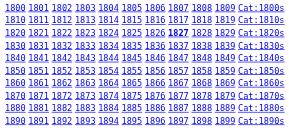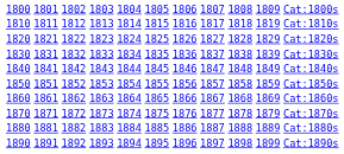 <table border=0>
 <tr>
 <td><a href='#'>1800</a></td>
 <td><a href='#'>1801</a></td>
 <td><a href='#'>1802</a></td>
 <td><a href='#'>1803</a></td>
 <td><a href='#'>1804</a></td>
 <td><a href='#'>1805</a></td>
 <td><a href='#'>1806</a></td>
 <td><a href='#'>1807</a></td>
 <td><a href='#'>1808</a></td>
 <td><a href='#'>1809</a></td>
 <td><a href='#'>Cat:1800s</a></td>
 </tr>
 <tr>
 <td><a href='#'>1810</a></td>
 <td><a href='#'>1811</a></td>
 <td><a href='#'>1812</a></td>
 <td><a href='#'>1813</a></td>
 <td><a href='#'>1814</a></td>
 <td><a href='#'>1815</a></td>
 <td><a href='#'>1816</a></td>
 <td><a href='#'>1817</a></td>
 <td><a href='#'>1818</a></td>
 <td><a href='#'>1819</a></td>
 <td><a href='#'>Cat:1810s</a></td>
 </tr>
 <tr>
 <td><a href='#'>1820</a></td>
 <td><a href='#'>1821</a></td>
 <td><a href='#'>1822</a></td>
 <td><a href='#'>1823</a></td>
 <td><a href='#'>1824</a></td>
 <td><a href='#'>1825</a></td>
 <td><a href='#'>1826</a></td>
-<td><strong><a href='#'>1827</a></strong></td>
+<td><a href='#'>1827</a></td>
 <td><a href='#'>1828</a></td>
 <td><a href='#'>1829</a></td>
 <td><a href='#'>Cat:1820s</a></td>
 </tr>
 <tr>
 <td><a href='#'>1830</a></td>
 <td><a href='#'>1831</a></td>
 <td><a href='#'>1832</a></td>
 <td><a href='#'>1833</a></td>
 <td><a href='#'>1834</a></td>
 <td><a href='#'>1835</a></td>
 <td><a href='#'>1836</a></td>
 <td><a href='#'>1837</a></td>
 <td><a href='#'>1838</a></td>
 <td><a href='#'>1839</a></td>
 <td><a href='#'>Cat:1830s</a></td>
 </tr>
 <tr>
 <td><a href='#'>1840</a></td>
 <td><a href='#'>1841</a></td>
 <td><a href='#'>1842</a></td>
 <td><a href='#'>1843</a></td>
 <td><a href='#'>1844</a></td>
 <td><a href='#'>1845</a></td>
 <td><a href='#'>1846</a></td>
 <td><a href='#'>1847</a></td>
 <td><a href='#'>1848</a></td>
 <td><a href='#'>1849</a></td>
 <td><a href='#'>Cat:1840s</a></td>
 </tr>
 <tr>
 <td><a href='#'>1850</a></td>
 <td><a href='#'>1851</a></td>
 <td><a href='#'>1852</a></td>
 <td><a href='#'>1853</a></td>
 <td><a href='#'>1854</a></td>
 <td><a href='#'>1855</a></td>
 <td><a href='#'>1856</a></td>
 <td><a href='#'>1857</a></td>
 <td><a href='#'>1858</a></td>
 <td><a href='#'>1859</a></td>
 <td><a href='#'>Cat:1850s</a></td>
 </tr>
 <tr>
 <td><a href='#'>1860</a></td>
 <td><a href='#'>1861</a></td>
 <td><a href='#'>1862</a></td>
 <td><a href='#'>1863</a></td>
 <td><a href='#'>1864</a></td>
 <td><a href='#'>1865</a></td>
 <td><a href='#'>1866</a></td>
 <td><a href='#'>1867</a></td>
 <td><a href='#'>1868</a></td>
 <td><a href='#'>1869</a></td>
 <td><a href='#'>Cat:1860s</a></td>
 </tr>
 <tr>
 <td><a href='#'>1870</a></td>
 <td><a href='#'>1871</a></td>
 <td><a href='#'>1872</a></td>
 <td><a href='#'>1873</a></td>
 <td><a href='#'>1874</a></td>
 <td><a href='#'>1875</a></td>
 <td><a href='#'>1876</a></td>
 <td><a href='#'>1877</a></td>
 <td><a href='#'>1878</a></td>
 <td><a href='#'>1879</a></td>
 <td><a href='#'>Cat:1870s</a></td>
 </tr>
 <tr>
 <td><a href='#'>1880</a></td>
 <td><a href='#'>1881</a></td>
 <td><a href='#'>1882</a></td>
 <td><a href='#'>1883</a></td>
 <td><a href='#'>1884</a></td>
 <td><a href='#'>1885</a></td>
 <td><a href='#'>1886</a></td>
 <td><a href='#'>1887</a></td>
 <td><a href='#'>1888</a></td>
 <td><a href='#'>1889</a></td>
 <td><a href='#'>Cat:1880s</a></td>
 </tr>
 <tr>
 <td><a href='#'>1890</a></td>
 <td><a href='#'>1891</a></td>
 <td><a href='#'>1892</a></td>
 <td><a href='#'>1893</a></td>
 <td><a href='#'>1894</a></td>
 <td><a href='#'>1895</a></td>
 <td><a href='#'>1896</a></td>
 <td><a href='#'>1897</a></td>
 <td><a href='#'>1898</a></td>
 <td><a href='#'>1899</a></td>
 <td><a href='#'>Cat:1890s</a></td>
 </tr>
 </table>
